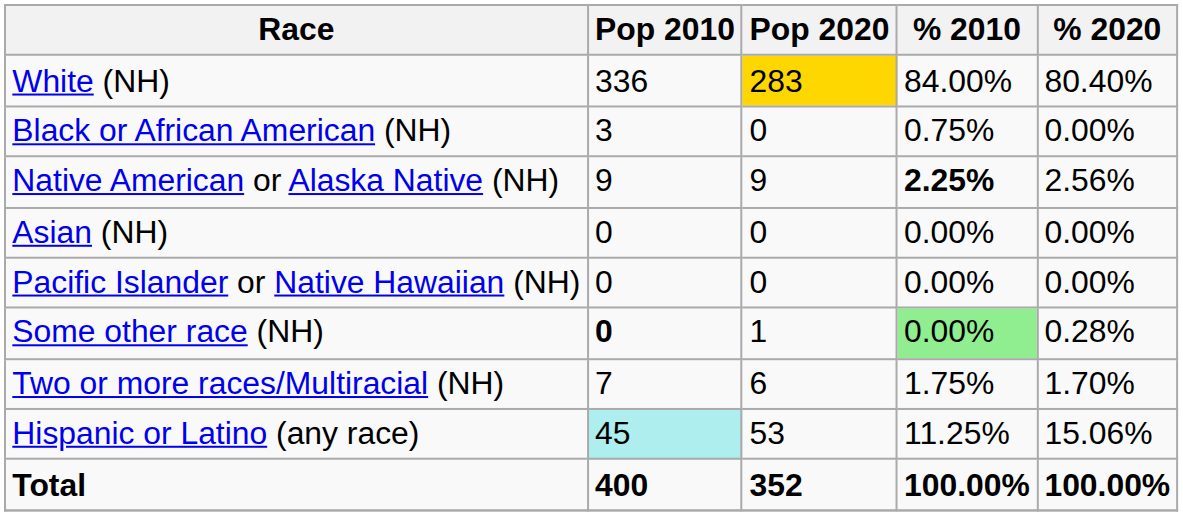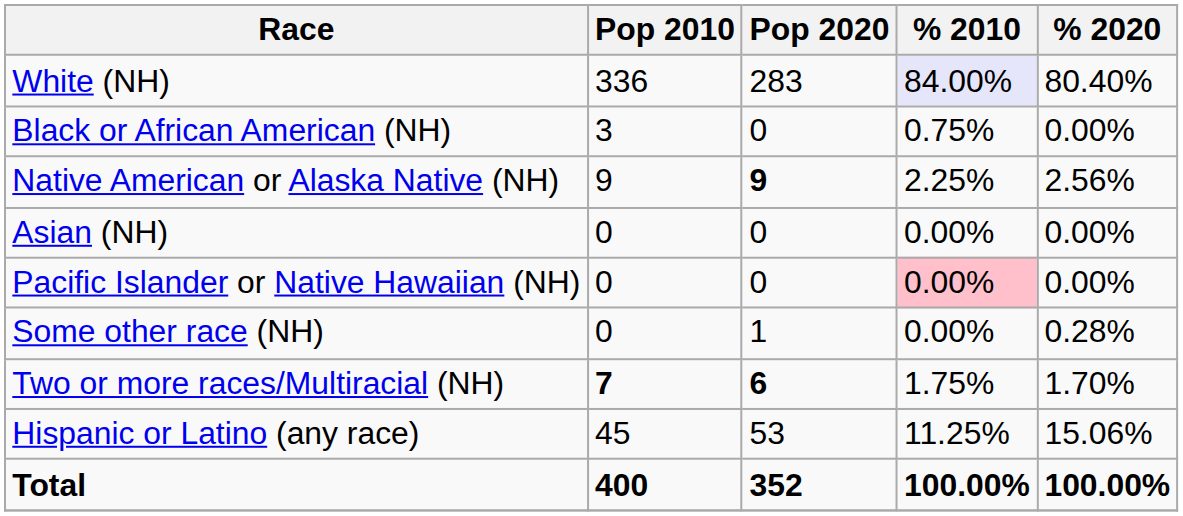 <table class="wikitable">
 <tr>
 <th>Race</th>
 <th>Pop 2010</th>
 <th>Pop 2020</th>
 <th>% 2010</th>
 <th>% 2020</th>
 </tr>
 <tr>
 <td><a href='#'>White</a> (NH)</td>
 <td>336</td>
-<td style="background: gold;">283</td>
-<td>84.00%</td>
+<td>283</td>
+<td style="background: lavender;">84.00%</td>
 <td>80.40%</td>
 </tr>
 <tr>
 <td><a href='#'>Black or African American</a> (NH)</td>
 <td>3</td>
 <td>0</td>
 <td>0.75%</td>
 <td>0.00%</td>
 </tr>
 <tr>
 <td><a href='#'>Native American</a> or <a href='#'>Alaska Native</a> (NH)</td>
 <td>9</td>
-<td>9</td>
-<td><strong>2.25%</strong></td>
+<td><strong>9</strong></td>
+<td>2.25%</td>
 <td>2.56%</td>
 </tr>
 <tr>
 <td><a href='#'>Asian</a> (NH)</td>
 <td>0</td>
 <td>0</td>
 <td>0.00%</td>
 <td>0.00%</td>
 </tr>
 <tr>
 <td><a href='#'>Pacific Islander</a> or <a href='#'>Native Hawaiian</a> (NH)</td>
 <td>0</td>
 <td>0</td>
-<td>0.00%</td>
+<td style="background: pink;">0.00%</td>
 <td>0.00%</td>
 </tr>
 <tr>
 <td><a href='#'>Some other race</a> (NH)</td>
-<td><strong>0</strong></td>
+<td>0</td>
 <td>1</td>
-<td style="background: lightgreen;">0.00%</td>
+<td>0.00%</td>
 <td>0.28%</td>
 </tr>
 <tr>
 <td><a href='#'>Two or more races/Multiracial</a> (NH)</td>
-<td>7</td>
-<td>6</td>
+<td><strong>7</strong></td>
+<td><strong>6</strong></td>
 <td>1.75%</td>
 <td>1.70%</td>
 </tr>
 <tr>
 <td><a href='#'>Hispanic or Latino</a> (any race)</td>
-<td style="background: paleturquoise;">45</td>
+<td>45</td>
 <td>53</td>
 <td>11.25%</td>
 <td>15.06%</td>
 </tr>
 <tr>
 <td><strong>Total</strong></td>
 <td><strong>400</strong></td>
 <td><strong>352</strong></td>
 <td><strong>100.00%</strong></td>
 <td><strong>100.00%</strong></td>
 </tr>
 <tr>
 </tr>
 </table>
